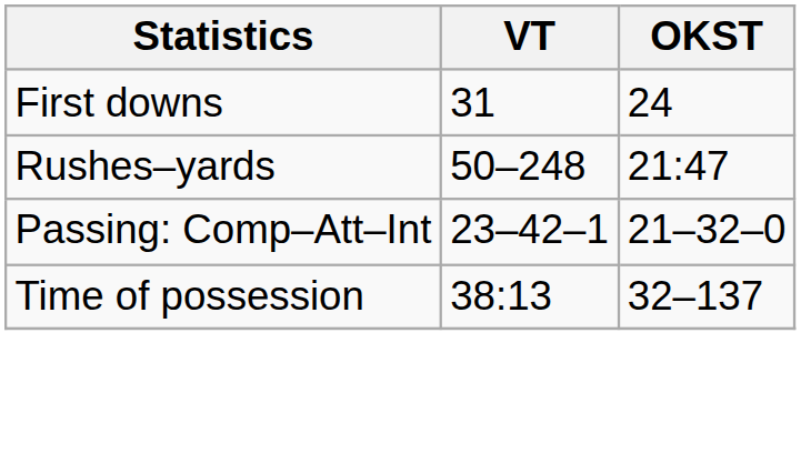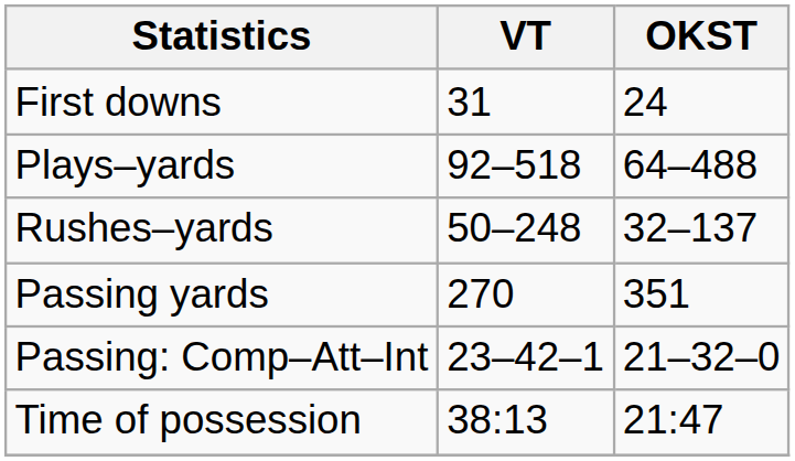 <table class="wikitable">
 <tr>
 <th>Statistics</th>
 <th>VT</th>
 <th>OKST</th>
 </tr>
 <tr>
 <td>First downs</td>
 <td>31</td>
 <td>24</td>
 </tr>
 <tr>
+<td>Plays–yards</td>
+<td>92–518</td>
+<td>64–488</td>
+</tr>
+<tr>
 <td>Rushes–yards</td>
 <td>50–248</td>
-<td>21:47</td>
+<td>32–137</td>
+</tr>
+<tr>
+<td>Passing yards</td>
+<td>270</td>
+<td>351</td>
 </tr>
 <tr>
 <td>Passing: Comp–Att–Int</td>
 <td>23–42–1</td>
 <td>21–32–0</td>
 </tr>
 <tr>
 <td>Time of possession</td>
 <td>38:13</td>
-<td>32–137</td>
+<td>21:47</td>
 </tr>
 <tr>
 </tr>
 </table>
